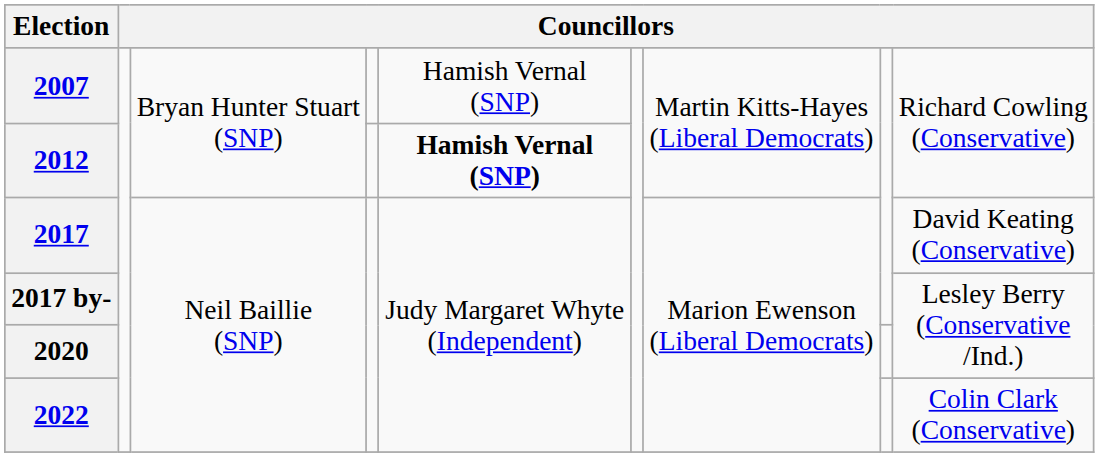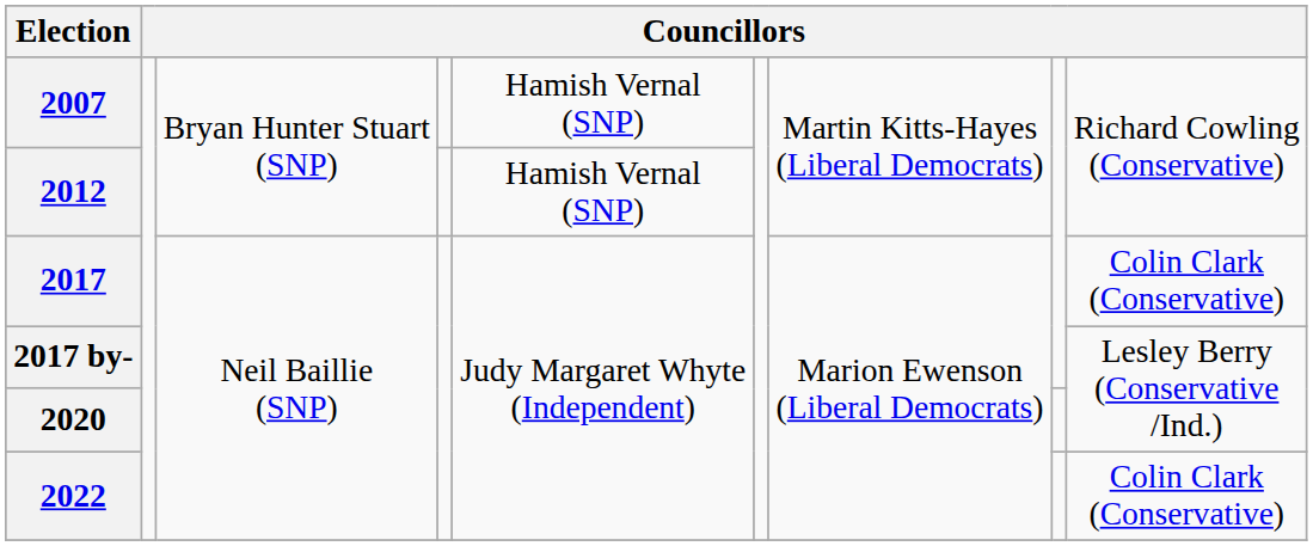 <table class="wikitable" style="text-align:center">
 <tr>
 <th>Election</th>
 <th colspan=8>Councillors</th>
 </tr>
 <tr>
 <th><a href='#'>2007</a></th>
 <td rowspan=6; style="background-color: "></td>
 <td rowspan=2>Bryan Hunter Stuart<br>(<a href='#'>SNP</a>)</td>
 <td rowspan=1; style="background-color: "></td>
 <td rowspan=1>Hamish Vernal<br>(<a href='#'>SNP</a>)</td>
 <td rowspan=6; style="background-color: "></td>
 <td rowspan=2>Martin Kitts-Hayes<br>(<a href='#'>Liberal Democrats</a>)</td>
 <td rowspan=4; style="background-color: "></td>
 <td rowspan=2>Richard Cowling<br>(<a href='#'>Conservative</a>)</td>
 </tr>
 <tr>
 <th><a href='#'>2012</a></th>
 <td rowspan=1; style="background-color: "></td>
-<td rowspan=1><strong>Hamish Vernal<br>(<a href='#'>SNP</a>)</strong></td>
+<td rowspan=1>Hamish Vernal<br>(<a href='#'>SNP</a>)</td>
 </tr>
 <tr>
 <th><a href='#'>2017</a></th>
 <td rowspan=4>Neil Baillie<br>(<a href='#'>SNP</a>)</td>
 <td rowspan=4; style="background-color: "></td>
 <td rowspan=4>Judy Margaret Whyte<br>(<a href='#'>Independent</a>)</td>
 <td rowspan=4>Marion Ewenson<br>(<a href='#'>Liberal Democrats</a>)</td>
-<td rowspan=1>David Keating<br>(<a href='#'>Conservative</a>)</td>
+<td rowspan=1><a href='#'>Colin Clark</a><br>(<a href='#'>Conservative</a>)</td>
 </tr>
 <tr>
 <th>2017 by-</th>
 <td rowspan=2>Lesley Berry<br>(<a href='#'>Conservative</a><br>/Ind.)</td>
 </tr>
 <tr>
 <th>2020</th>
 <td rowspan=1; style="background-color: "></td>
 </tr>
 <tr>
 <th><a href='#'>2022</a></th>
 <td rowspan=1; style="background-color: "></td>
 <td rowspan=1><a href='#'>Colin Clark</a><br>(<a href='#'>Conservative</a>)</td>
 </tr>
 </table>
